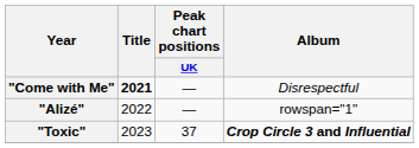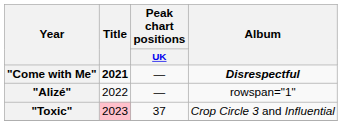 <table class="wikitable plainrowheaders" style="text-align:center;">
 <tr>
 <th scope="col" rowspan="2">Year</th>
 <th scope="col" rowspan="2">Title</th>
 <th scope="col" colspan="1">Peak chart positions</th>
 <th scope="col" rowspan="2">Album</th>
 </tr>
 <tr>
 <th scope="col" style="width:3em;font-size:85%;"><a href='#'>UK</a></th>
 </tr>
 <tr>
 <th scope="row">"Come with Me"<br></th>
 <td><strong>2021</strong></td>
 <td>—</td>
-<td><em>Disrespectful</em></td>
+<td><strong><em>Disrespectful</em></strong></td>
 </tr>
 <tr>
 <th scope="row">"Alizé"<br></th>
 <td>2022</td>
 <td>—</td>
 <td>rowspan="1" </td>
 </tr>
 <tr>
 <th scope="row">"Toxic"<br></th>
-<td>2023</td>
+<td style="background: pink;">2023</td>
 <td>37</td>
-<td><strong><em>Crop Circle 3</em> and <em>Influential</em></strong></td>
+<td><em>Crop Circle 3</em> and <em>Influential</em></td>
 </tr>
 <tr>
 </tr>
 </table>
